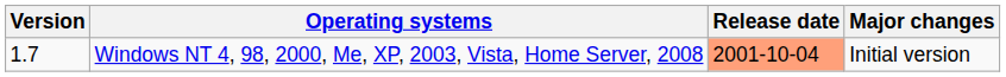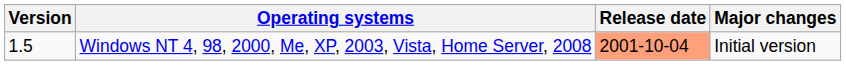 <table class="wikitable">
 <tr>
 <th>Version</th>
 <th><a href='#'>Operating systems</a></th>
 <th>Release date</th>
 <th>Major changes</th>
 </tr>
 <tr>
-<td>1.7</td>
+<td>1.5</td>
 <td><a href='#'>Windows NT 4</a>, <a href='#'>98</a>, <a href='#'>2000</a>, <a href='#'>Me</a>, <a href='#'>XP</a>, <a href='#'>2003</a>, <a href='#'>Vista</a>, <a href='#'>Home Server</a>, <a href='#'>2008</a></td>
 <td style="background: lightsalmon;">2001-10-04</td>
 <td>Initial version</td>
 </tr>
 </table>
